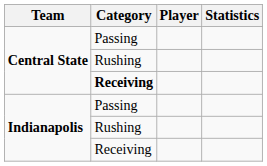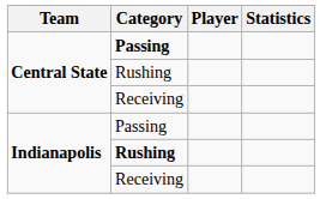 <table class="wikitable" style="float: right;">
 <tr>
 <th>Team</th>
 <th>Category</th>
 <th>Player</th>
 <th>Statistics</th>
 </tr>
 <tr>
 <td rowspan=3><strong>Central State</strong></td>
-<td>Passing</td>
-<td></td>
-<td></td>
-</tr>
-<tr>
-<td>Rushing</td>
-<td></td>
-<td></td>
-</tr>
-<tr>
-<td><strong>Receiving</strong></td>
-<td></td>
-<td></td>
-</tr>
-<tr>
-<td rowspan=3><strong>Indianapolis</strong></td>
-<td>Passing</td>
+<td><strong>Passing</strong></td>
 <td></td>
 <td></td>
 </tr>
 <tr>
 <td>Rushing</td>
 <td></td>
 <td></td>
 </tr>
 <tr>
 <td>Receiving</td>
 <td></td>
 <td></td>
 </tr>
+<tr>
+<td rowspan=3><strong>Indianapolis</strong></td>
+<td>Passing</td>
+<td></td>
+<td></td>
+</tr>
+<tr>
+<td><strong>Rushing</strong></td>
+<td></td>
+<td></td>
+</tr>
+<tr>
+<td>Receiving</td>
+<td></td>
+<td></td>
+</tr>
 </table>
